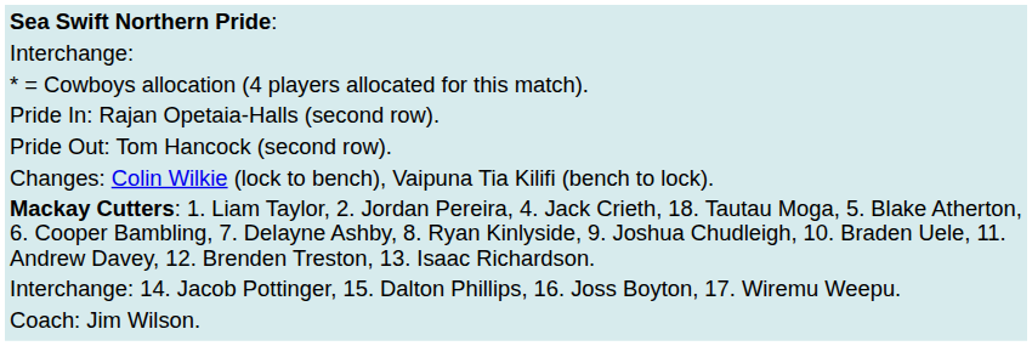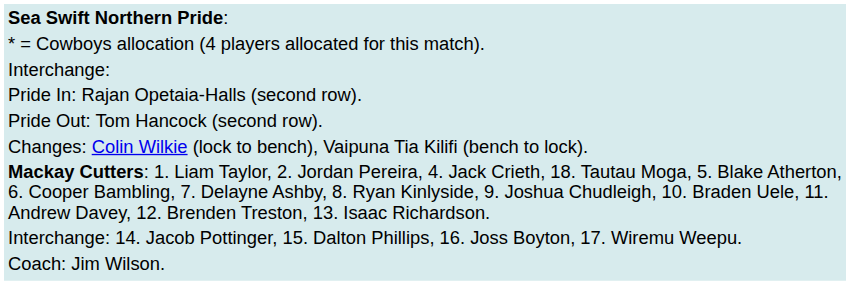 <table style="background:#d7ebed; font-size:85%; width:100%;">
 <tr>
 <td><strong>Sea Swift Northern Pride</strong>:             </td>
 </tr>
 <tr>
-<td>Interchange:    </td>
+<td>* = Cowboys allocation (4 players allocated for this match).</td>
 </tr>
 <tr>
-<td>* = Cowboys allocation (4 players allocated for this match).</td>
+<td>Interchange:    </td>
 </tr>
 <tr>
 <td>Pride In: Rajan Opetaia-Halls (second row).</td>
 </tr>
 <tr>
 <td>Pride Out: Tom Hancock (second row).</td>
 </tr>
 <tr>
 <td>Changes: <a href='#'>Colin Wilkie</a> (lock to bench), Vaipuna Tia Kilifi (bench to lock).</td>
 </tr>
 <tr>
 <td><strong>Mackay Cutters</strong>: 1. Liam Taylor, 2. Jordan Pereira, 4. Jack Crieth, 18.  Tautau Moga, 5. Blake Atherton, 6. Cooper Bambling, 7. Delayne Ashby, 8. Ryan Kinlyside, 9. Joshua Chudleigh, 10. Braden Uele, 11. Andrew Davey, 12. Brenden Treston, 13. Isaac Richardson.</td>
 </tr>
 <tr>
 <td>Interchange: 14. Jacob Pottinger, 15. Dalton Phillips, 16. Joss Boyton, 17. Wiremu Weepu.</td>
 </tr>
 <tr>
 <td>Coach: Jim Wilson.</td>
 </tr>
 <tr>
 </tr>
 </table>
